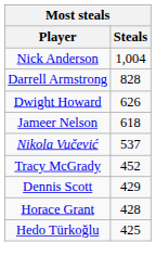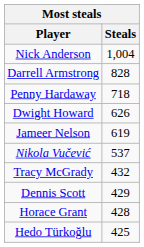 <table class="wikitable sortable" style="text-align:center">
 <tr>
 <th colspan="2" style="text-align:center; ">Most steals</th>
 </tr>
 <tr>
 <th style="text-align:center; ">Player</th>
 <th style="text-align:center; ">Steals</th>
 </tr>
 <tr>
 <td><a href='#'>Nick Anderson</a></td>
 <td>1,004</td>
 </tr>
 <tr>
 <td><a href='#'>Darrell Armstrong</a></td>
 <td>828</td>
 </tr>
 <tr>
+<td><a href='#'>Penny Hardaway</a></td>
+<td>718</td>
+</tr>
+<tr>
 <td><a href='#'>Dwight Howard</a></td>
 <td>626</td>
 </tr>
 <tr>
 <td><a href='#'>Jameer Nelson</a></td>
-<td>618</td>
+<td>619</td>
 </tr>
 <tr>
 <td><em><a href='#'>Nikola Vučević</a></em></td>
 <td>537</td>
 </tr>
 <tr>
 <td><a href='#'>Tracy McGrady</a></td>
-<td>452</td>
+<td>432</td>
 </tr>
 <tr>
 <td><a href='#'>Dennis Scott</a></td>
 <td>429</td>
 </tr>
 <tr>
 <td><a href='#'>Horace Grant</a></td>
 <td>428</td>
 </tr>
 <tr>
 <td><a href='#'>Hedo Türkoğlu</a></td>
 <td>425</td>
 </tr>
 </table>
